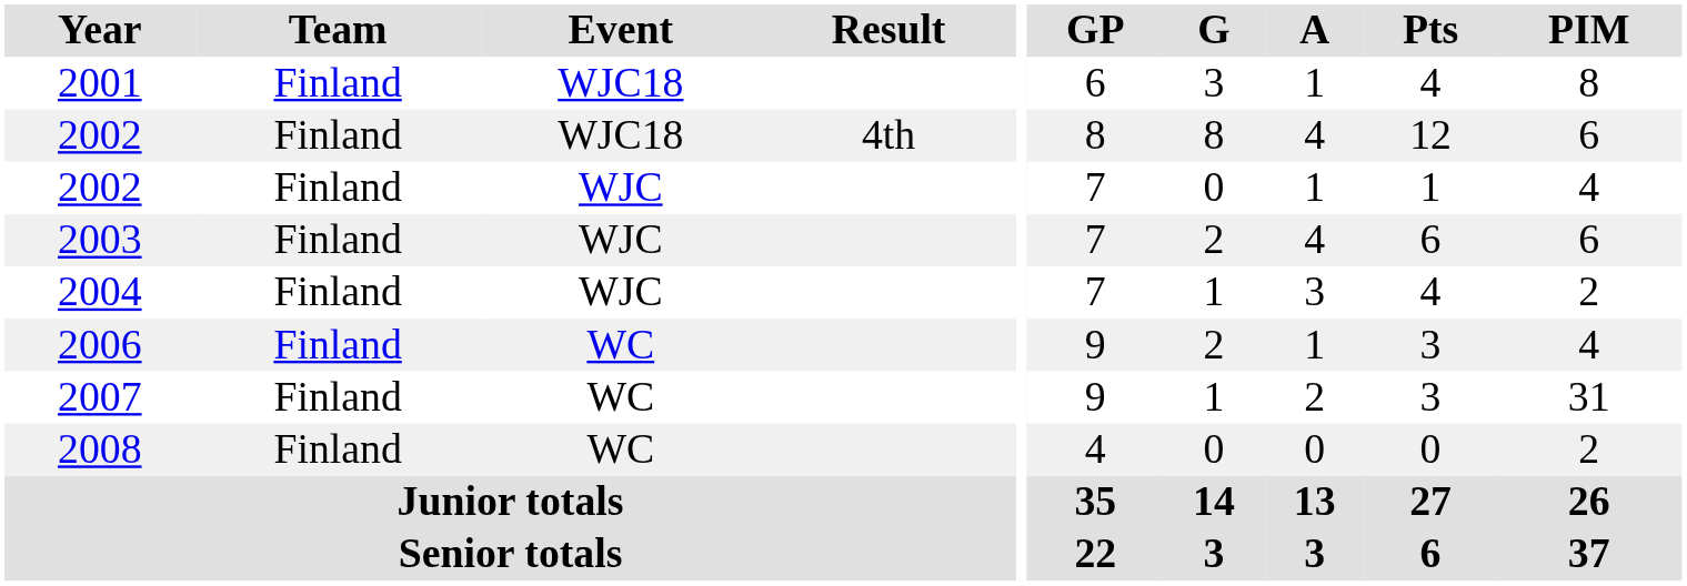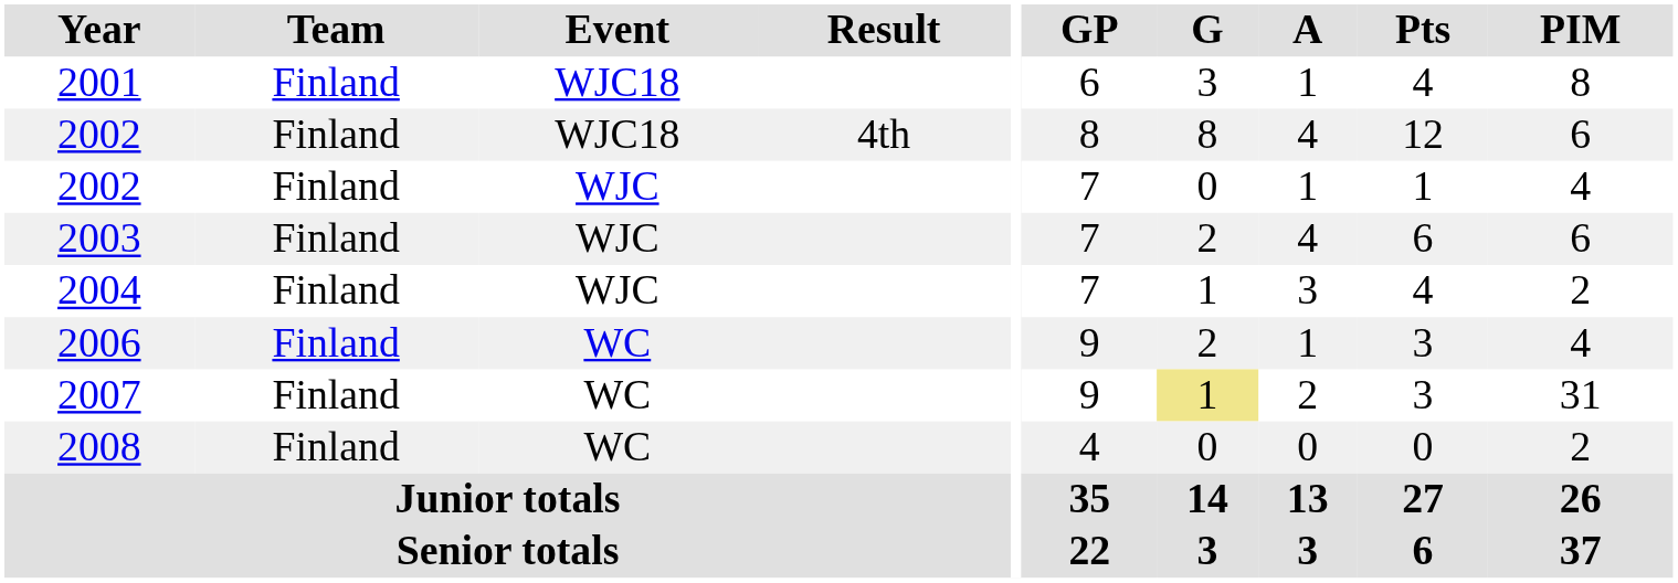 <table border="0" cellpadding="1" cellspacing="0" ID="Table3" style="text-align:center; width:40em">
 <tr ALIGN="center" bgcolor="#e0e0e0">
 <th>Year</th>
 <th>Team</th>
 <th>Event</th>
 <th>Result</th>
 <th rowspan="99" bgcolor="#ffffff"></th>
 <th>GP</th>
 <th>G</th>
 <th>A</th>
 <th>Pts</th>
 <th>PIM</th>
 </tr>
 <tr>
 <td><a href='#'>2001</a></td>
 <td><a href='#'>Finland</a></td>
 <td><a href='#'>WJC18</a></td>
 <td></td>
 <td>6</td>
 <td>3</td>
 <td>1</td>
 <td>4</td>
 <td>8</td>
 </tr>
 <tr bgcolor="#f0f0f0">
 <td><a href='#'>2002</a></td>
 <td>Finland</td>
 <td>WJC18</td>
 <td>4th</td>
 <td>8</td>
 <td>8</td>
 <td>4</td>
 <td>12</td>
 <td>6</td>
 </tr>
 <tr>
 <td><a href='#'>2002</a></td>
 <td>Finland</td>
 <td><a href='#'>WJC</a></td>
 <td></td>
 <td>7</td>
 <td>0</td>
 <td>1</td>
 <td>1</td>
 <td>4</td>
 </tr>
 <tr bgcolor="#f0f0f0">
 <td><a href='#'>2003</a></td>
 <td>Finland</td>
 <td>WJC</td>
 <td></td>
 <td>7</td>
 <td>2</td>
 <td>4</td>
 <td>6</td>
 <td>6</td>
 </tr>
 <tr>
 <td><a href='#'>2004</a></td>
 <td>Finland</td>
 <td>WJC</td>
 <td></td>
 <td>7</td>
 <td>1</td>
 <td>3</td>
 <td>4</td>
 <td>2</td>
 </tr>
 <tr bgcolor="#f0f0f0">
 <td><a href='#'>2006</a></td>
 <td><a href='#'>Finland</a></td>
 <td><a href='#'>WC</a></td>
 <td></td>
 <td>9</td>
 <td>2</td>
 <td>1</td>
 <td>3</td>
 <td>4</td>
 </tr>
 <tr>
 <td><a href='#'>2007</a></td>
 <td>Finland</td>
 <td>WC</td>
 <td></td>
 <td>9</td>
-<td>1</td>
+<td style="background: khaki;">1</td>
 <td>2</td>
 <td>3</td>
 <td>31</td>
 </tr>
 <tr bgcolor="#f0f0f0">
 <td><a href='#'>2008</a></td>
 <td>Finland</td>
 <td>WC</td>
 <td></td>
 <td>4</td>
 <td>0</td>
 <td>0</td>
 <td>0</td>
 <td>2</td>
 </tr>
 <tr bgcolor="#e0e0e0">
 <th colspan=4>Junior totals</th>
 <th>35</th>
 <th>14</th>
 <th>13</th>
 <th>27</th>
 <th>26</th>
 </tr>
 <tr bgcolor="#e0e0e0">
 <th colspan=4>Senior totals</th>
 <th>22</th>
 <th>3</th>
 <th>3</th>
 <th>6</th>
 <th>37</th>
 </tr>
 </table>
